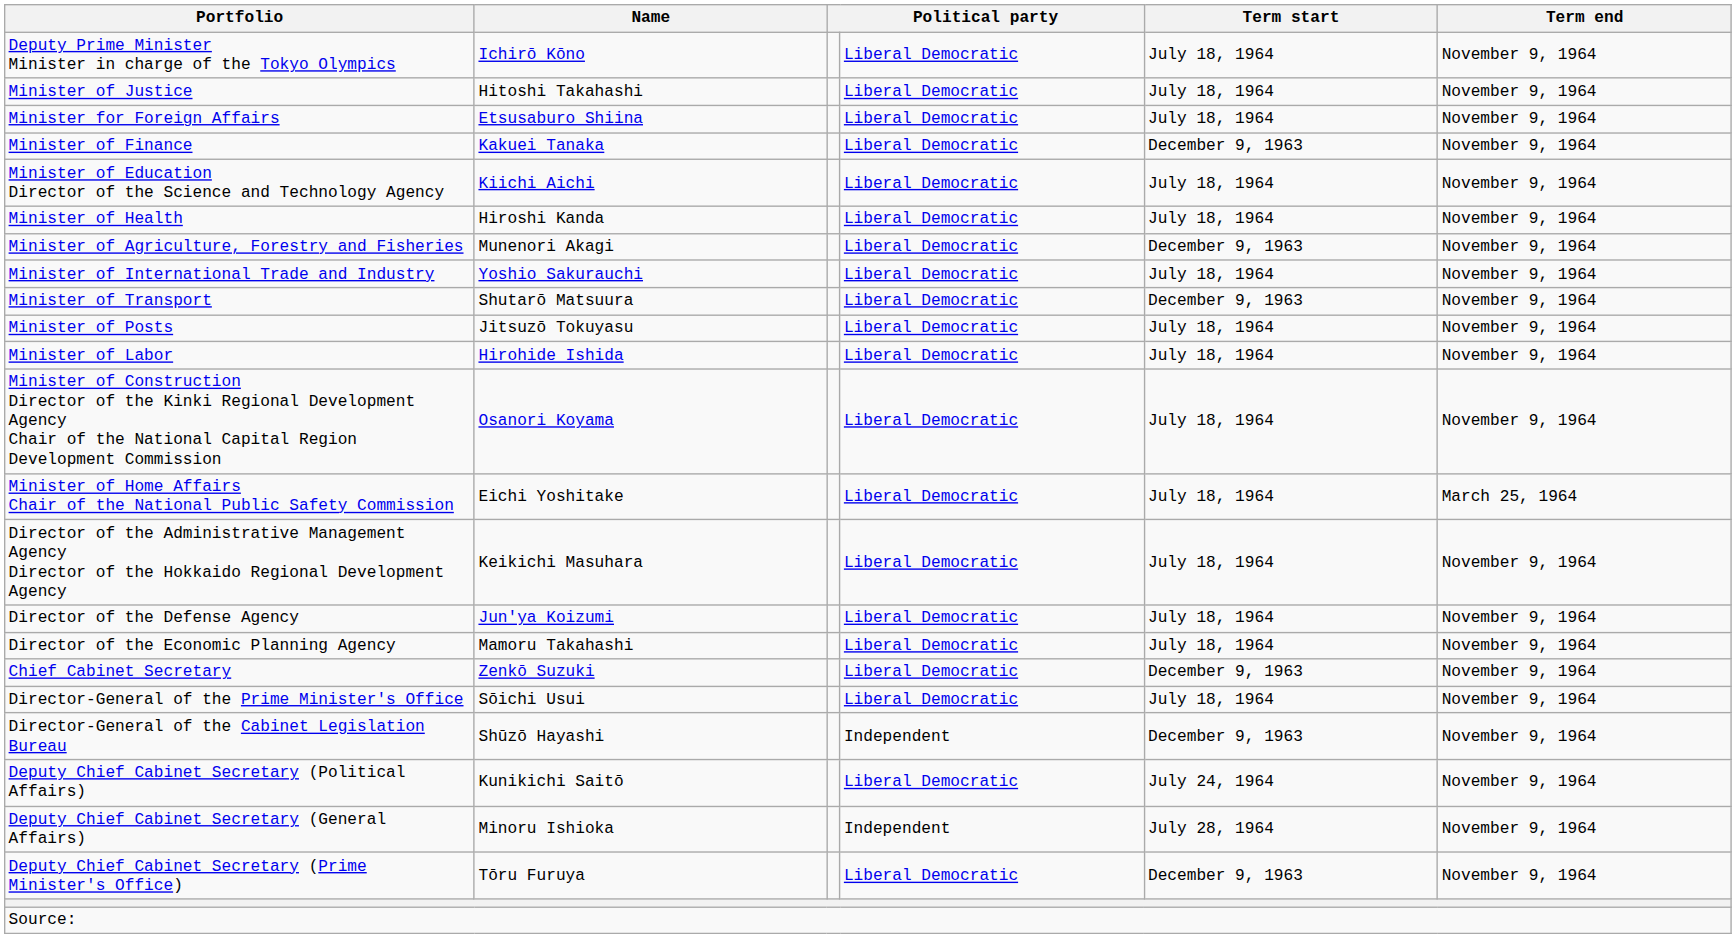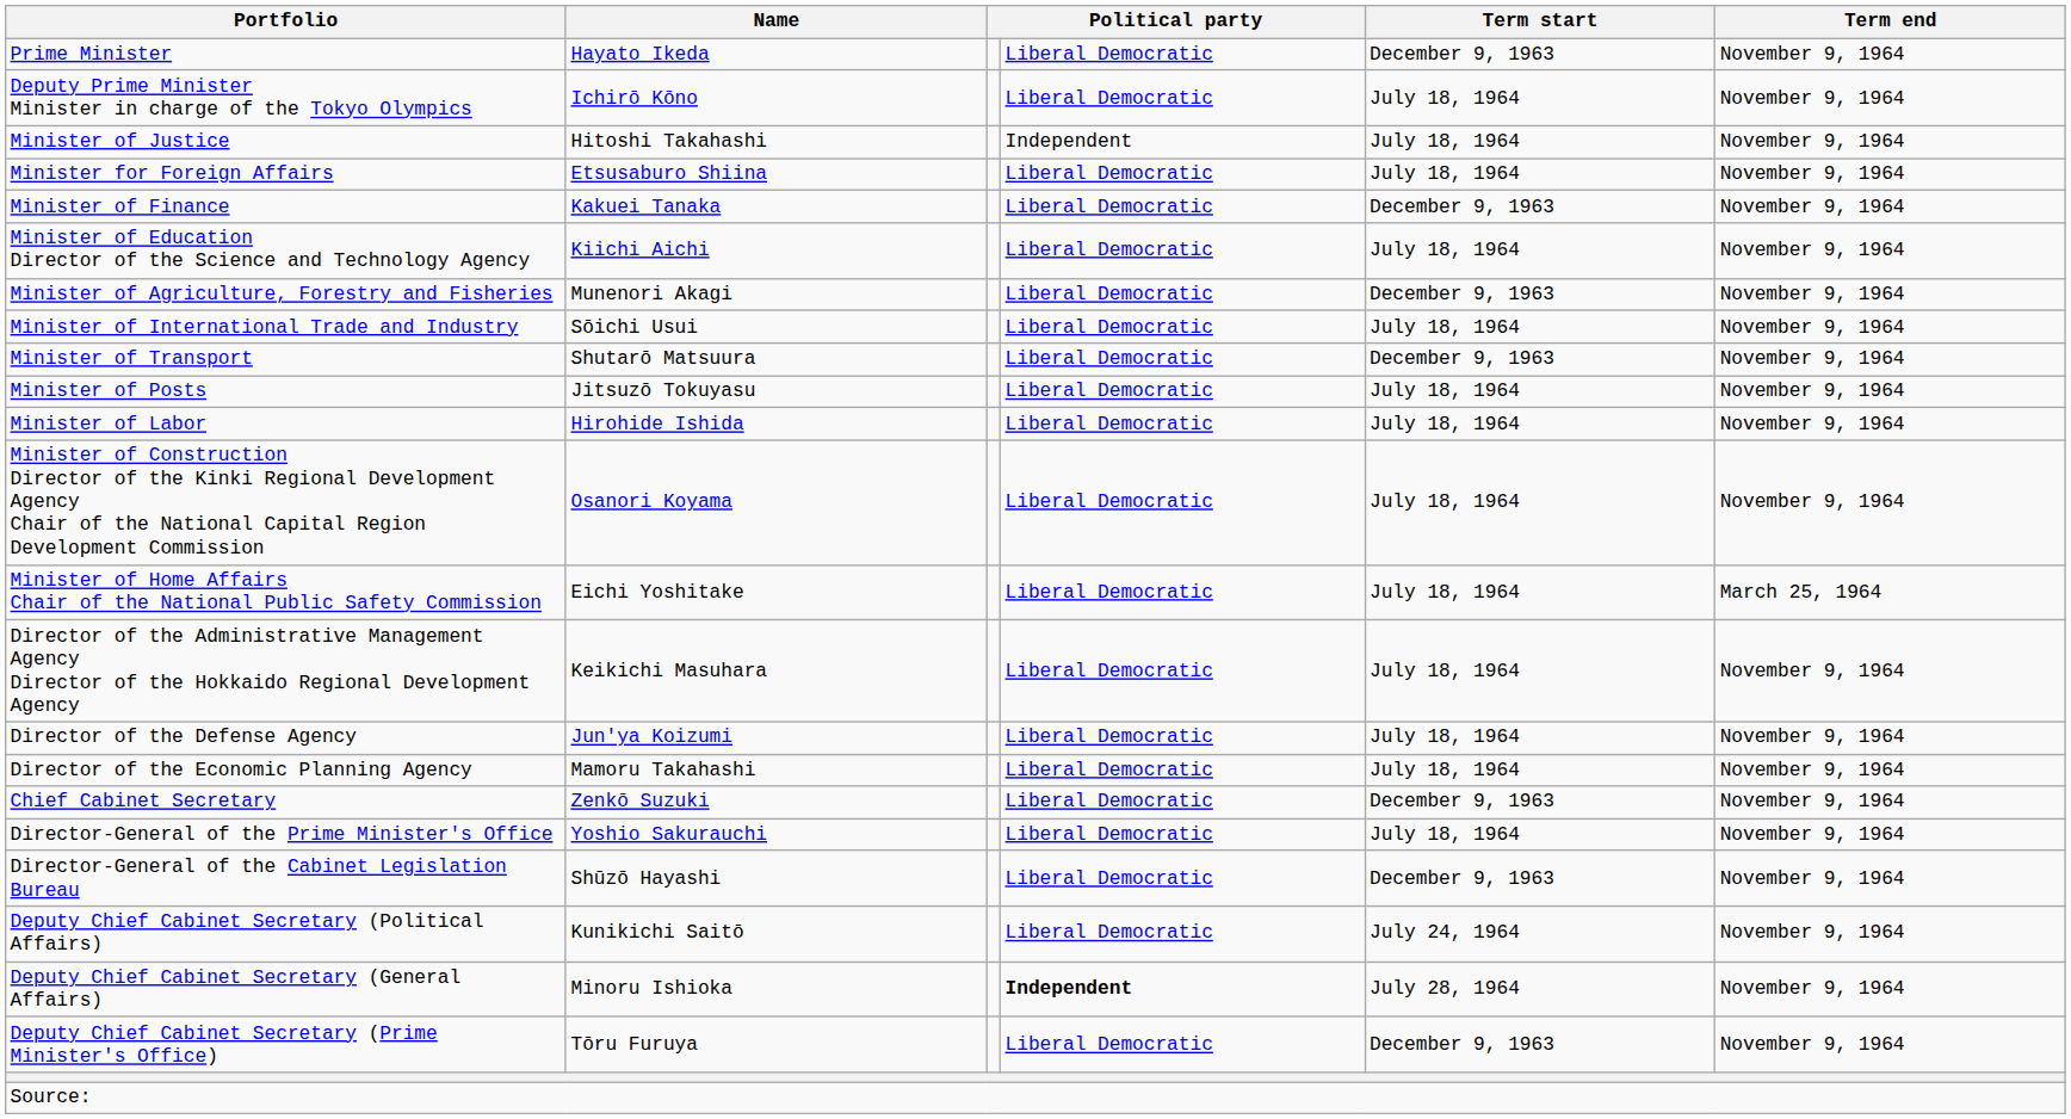 <table class="wikitable unsortable" style="font-size: 90%;">
 <tr>
 <th width="20%" scope="col">Portfolio</th>
 <th width="15%" scope="col">Name</th>
 <th colspan="2" width="13.5%" scope="col">Political party</th>
 <th width="12.5%" scope="col">Term start</th>
 <th width="12.5%" scope="col">Term end</th>
+</tr>
+<tr>
+<td style="text-align: left;"><a href='#'>Prime Minister</a></td>
+<td><a href='#'>Hayato Ikeda</a></td>
+<td width="0.5%" style="background:"></td>
+<td><a href='#'>Liberal Democratic</a></td>
+<td>December 9, 1963</td>
+<td>November 9, 1964</td>
 </tr>
 <tr>
 <td><a href='#'>Deputy Prime Minister</a><br>Minister in charge of the <a href='#'>Tokyo Olympics</a></td>
 <td><a href='#'>Ichirō Kōno</a></td>
 <td style="color:inherit;background:"></td>
 <td><a href='#'>Liberal Democratic</a></td>
 <td>July 18, 1964</td>
 <td>November 9, 1964</td>
 </tr>
 <tr>
 <td><a href='#'>Minister of Justice</a></td>
 <td>Hitoshi Takahashi</td>
 <td style="color:inherit;background:"></td>
-<td><a href='#'>Liberal Democratic</a></td>
+<td>Independent</td>
 <td>July 18, 1964</td>
 <td>November 9, 1964</td>
 </tr>
 <tr>
 <td><a href='#'>Minister for Foreign Affairs</a></td>
 <td><a href='#'>Etsusaburo Shiina</a></td>
 <td style="color:inherit;background:"></td>
 <td><a href='#'>Liberal Democratic</a></td>
 <td>July 18, 1964</td>
 <td>November 9, 1964</td>
 </tr>
 <tr>
 <td><a href='#'>Minister of Finance</a></td>
 <td><a href='#'>Kakuei Tanaka</a></td>
 <td style="color:inherit;background:"></td>
 <td><a href='#'>Liberal Democratic</a></td>
 <td>December 9, 1963</td>
 <td>November 9, 1964</td>
 </tr>
 <tr>
 <td><a href='#'>Minister of Education</a><br>Director of the Science and Technology Agency</td>
 <td><a href='#'>Kiichi Aichi</a></td>
 <td style="color:inherit;background:"></td>
 <td><a href='#'>Liberal Democratic</a></td>
 <td>July 18, 1964</td>
 <td>November 9, 1964</td>
 </tr>
 <tr>
-<td><a href='#'>Minister of Health</a></td>
-<td>Hiroshi Kanda</td>
-<td style="color:inherit;background:"></td>
-<td><a href='#'>Liberal Democratic</a></td>
-<td>July 18, 1964</td>
-<td>November 9, 1964</td>
-</tr>
-<tr>
 <td><a href='#'>Minister of Agriculture, Forestry and Fisheries</a></td>
 <td>Munenori Akagi</td>
 <td style="color:inherit;background:"></td>
 <td><a href='#'>Liberal Democratic</a></td>
 <td>December 9, 1963</td>
 <td>November 9, 1964</td>
 </tr>
 <tr>
 <td><a href='#'>Minister of International Trade and Industry</a></td>
-<td><a href='#'>Yoshio Sakurauchi</a></td>
+<td>Sōichi Usui</td>
 <td style="color:inherit;background:"></td>
 <td><a href='#'>Liberal Democratic</a></td>
 <td>July 18, 1964</td>
 <td>November 9, 1964</td>
 </tr>
 <tr>
 <td><a href='#'>Minister of Transport</a></td>
 <td>Shutarō Matsuura</td>
 <td style="color:inherit;background:"></td>
 <td><a href='#'>Liberal Democratic</a></td>
 <td>December 9, 1963</td>
 <td>November 9, 1964</td>
 </tr>
 <tr>
 <td><a href='#'>Minister of Posts</a></td>
 <td>Jitsuzō Tokuyasu</td>
 <td style="color:inherit;background:"></td>
 <td><a href='#'>Liberal Democratic</a></td>
 <td>July 18, 1964</td>
 <td>November 9, 1964</td>
 </tr>
 <tr>
 <td><a href='#'>Minister of Labor</a></td>
 <td><a href='#'>Hirohide Ishida</a></td>
 <td style="color:inherit;background:"></td>
 <td><a href='#'>Liberal Democratic</a></td>
 <td>July 18, 1964</td>
 <td>November 9, 1964</td>
 </tr>
 <tr>
 <td><a href='#'>Minister of Construction</a><br>Director of the Kinki Regional Development Agency<br>Chair of the National Capital Region Development Commission</td>
 <td><a href='#'>Osanori Koyama</a></td>
 <td style="color:inherit;background:"></td>
 <td><a href='#'>Liberal Democratic</a></td>
 <td>July 18, 1964</td>
 <td>November 9, 1964</td>
 </tr>
 <tr>
 <td><a href='#'>Minister of Home Affairs</a><br><a href='#'>Chair of the National Public Safety Commission</a></td>
 <td>Eichi Yoshitake</td>
 <td style="color:inherit;background:"></td>
 <td><a href='#'>Liberal Democratic</a></td>
 <td>July 18, 1964</td>
 <td>March 25, 1964</td>
 </tr>
 <tr>
 <td>Director of the Administrative Management Agency<br>Director of the Hokkaido Regional Development Agency</td>
 <td>Keikichi Masuhara</td>
 <td style="color:inherit;background:"></td>
 <td><a href='#'>Liberal Democratic</a></td>
 <td>July 18, 1964</td>
 <td>November 9, 1964</td>
 </tr>
 <tr>
 <td>Director of the Defense Agency</td>
 <td><a href='#'>Jun'ya Koizumi</a></td>
 <td style="color:inherit;background:"></td>
 <td><a href='#'>Liberal Democratic</a></td>
 <td>July 18, 1964</td>
 <td>November 9, 1964</td>
 </tr>
 <tr>
 <td>Director of the Economic Planning Agency</td>
 <td>Mamoru Takahashi</td>
 <td style="color:inherit;background:"></td>
 <td><a href='#'>Liberal Democratic</a></td>
 <td>July 18, 1964</td>
 <td>November 9, 1964</td>
 </tr>
 <tr>
 <td><a href='#'>Chief Cabinet Secretary</a></td>
 <td><a href='#'>Zenkō Suzuki</a></td>
 <td style="color:inherit;background:"></td>
 <td><a href='#'>Liberal Democratic</a></td>
 <td>December 9, 1963</td>
 <td>November 9, 1964</td>
 </tr>
 <tr>
 <td>Director-General of the <a href='#'>Prime Minister's Office</a></td>
-<td>Sōichi Usui</td>
+<td><a href='#'>Yoshio Sakurauchi</a></td>
 <td style="color:inherit;background:"></td>
 <td><a href='#'>Liberal Democratic</a></td>
 <td>July 18, 1964</td>
 <td>November 9, 1964</td>
 </tr>
 <tr>
 <td>Director-General of the <a href='#'>Cabinet Legislation Bureau</a></td>
 <td>Shūzō Hayashi</td>
 <td style="color:inherit;background:"></td>
-<td>Independent</td>
+<td><a href='#'>Liberal Democratic</a></td>
 <td>December 9, 1963</td>
 <td>November 9, 1964</td>
 </tr>
 <tr>
 <td><a href='#'>Deputy Chief Cabinet Secretary</a> (Political Affairs)</td>
 <td>Kunikichi Saitō</td>
 <td style="color:inherit;background:"></td>
 <td><a href='#'>Liberal Democratic</a></td>
 <td>July 24, 1964</td>
 <td>November 9, 1964</td>
 </tr>
 <tr>
 <td><a href='#'>Deputy Chief Cabinet Secretary</a> (General Affairs)</td>
 <td>Minoru Ishioka</td>
 <td style="color:inherit;background:"></td>
-<td>Independent</td>
+<td><strong>Independent</strong></td>
 <td>July 28, 1964</td>
 <td>November 9, 1964</td>
 </tr>
 <tr>
 <td><a href='#'>Deputy Chief Cabinet Secretary</a> (<a href='#'>Prime Minister's Office</a>)</td>
 <td>Tōru Furuya</td>
 <td style="color:inherit;background:"></td>
 <td><a href='#'>Liberal Democratic</a></td>
 <td>December 9, 1963</td>
 <td>November 9, 1964</td>
 </tr>
 <tr>
 <th colspan="6"></th>
 </tr>
 <tr>
 <td colspan="6">Source:</td>
 </tr>
 </table>
